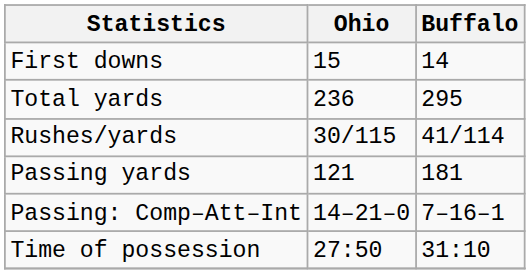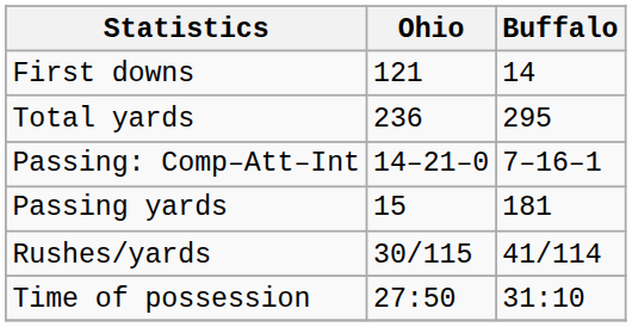 <table class="wikitable" style="float: left;">
 <tr>
 <th>Statistics</th>
 <th>Ohio</th>
 <th>Buffalo</th>
 </tr>
 <tr>
 <td>First downs</td>
-<td>15</td>
+<td>121</td>
 <td>14</td>
 </tr>
 <tr>
 <td>Total yards</td>
 <td>236</td>
 <td>295</td>
 </tr>
 <tr>
+<td>Passing: Comp–Att–Int</td>
+<td>14–21–0</td>
+<td>7–16–1</td>
+</tr>
+<tr>
+<td>Passing yards</td>
+<td>15</td>
+<td>181</td>
+</tr>
+<tr>
 <td>Rushes/yards</td>
 <td>30/115</td>
 <td>41/114</td>
-</tr>
-<tr>
-<td>Passing yards</td>
-<td>121</td>
-<td>181</td>
-</tr>
-<tr>
-<td>Passing: Comp–Att–Int</td>
-<td>14–21–0</td>
-<td>7–16–1</td>
 </tr>
 <tr>
 <td>Time of possession</td>
 <td>27:50</td>
 <td>31:10</td>
 </tr>
 <tr>
 </tr>
 </table>
